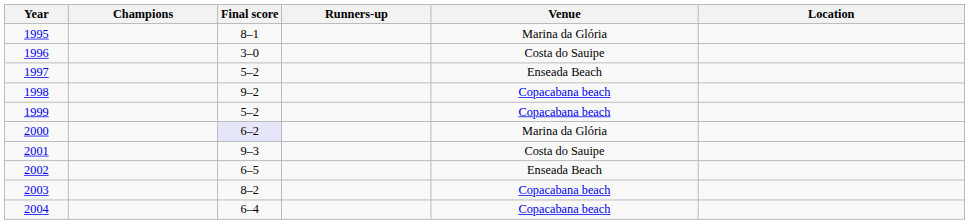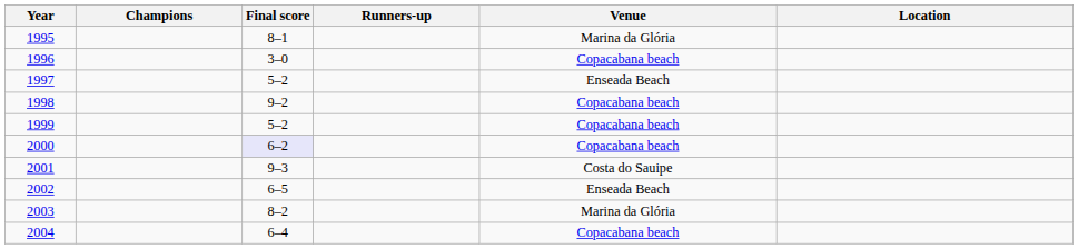 <table class="sortable wikitable">
 <tr>
 <th style="width:6%;">Year</th>
 <th style="width:14%;">Champions</th>
 <th style="width:6%;">Final score</th>
 <th style="width:14%;">Runners-up</th>
 <th style="width:25%;">Venue</th>
 <th style="width:25%;">Location</th>
 </tr>
 <tr>
 <td align=center><a href='#'>1995</a></td>
 <td align=right></td>
 <td align=center>8–1</td>
 <td align=left></td>
 <td align=center>Marina da Glória</td>
 <td align=center></td>
 </tr>
 <tr>
 <td align=center><a href='#'>1996</a></td>
 <td align=right></td>
 <td align=center>3–0</td>
 <td align=left></td>
-<td align=center>Costa do Sauipe</td>
+<td align=center><a href='#'>Copacabana beach</a></td>
 <td align=center></td>
 </tr>
 <tr>
 <td align=center><a href='#'>1997</a></td>
 <td align=right></td>
 <td align=center>5–2</td>
 <td align=left></td>
 <td align=center>Enseada Beach</td>
 <td align=center></td>
 </tr>
 <tr>
 <td align=center><a href='#'>1998</a></td>
 <td align=right></td>
 <td align=center>9–2</td>
 <td align=left></td>
 <td align=center><a href='#'>Copacabana beach</a></td>
 <td align=center></td>
 </tr>
 <tr>
 <td align=center><a href='#'>1999</a></td>
 <td align=right></td>
 <td align=center>5–2</td>
 <td align=left></td>
 <td align=center><a href='#'>Copacabana beach</a></td>
 <td align=center></td>
 </tr>
 <tr>
 <td align=center><a href='#'>2000</a></td>
 <td align=right></td>
 <td align=center style="background: lavender;">6–2</td>
 <td align=left></td>
-<td align=center>Marina da Glória</td>
+<td align=center><a href='#'>Copacabana beach</a></td>
 <td align=center></td>
 </tr>
 <tr>
 <td align=center><a href='#'>2001</a></td>
 <td align=right></td>
 <td align=center>9–3</td>
 <td align=left></td>
 <td align=center>Costa do Sauipe</td>
 <td align=center></td>
 </tr>
 <tr>
 <td align=center><a href='#'>2002</a></td>
 <td align=right></td>
 <td align=center>6–5</td>
 <td align=left></td>
 <td align=center>Enseada Beach</td>
 <td align=center></td>
 </tr>
 <tr>
 <td align=center><a href='#'>2003</a></td>
 <td align=right></td>
 <td align=center>8–2</td>
 <td align=left></td>
-<td align=center><a href='#'>Copacabana beach</a></td>
+<td align=center>Marina da Glória</td>
 <td align=center></td>
 </tr>
 <tr>
 <td align=center><a href='#'>2004</a></td>
 <td align=right></td>
 <td align=center>6–4</td>
 <td align=left></td>
 <td align=center><a href='#'>Copacabana beach</a></td>
 <td align=center></td>
 </tr>
 </table>
